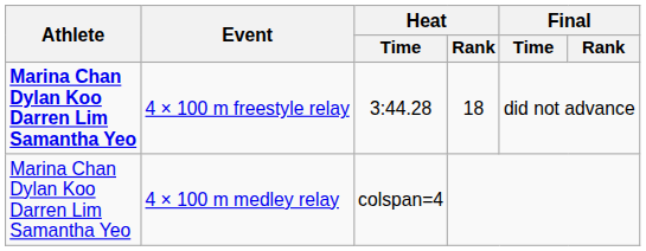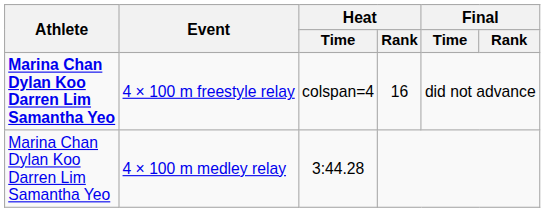 <table class=wikitable style="font-size:90%">
 <tr>
 <th rowspan=2>Athlete</th>
 <th rowspan=2>Event</th>
 <th colspan="2">Heat</th>
 <th colspan="2">Final</th>
 </tr>
 <tr style="font-size:95%">
 <th>Time</th>
 <th>Rank</th>
 <th>Time</th>
 <th>Rank</th>
 </tr>
 <tr align=center>
 <td align=left><strong><a href='#'>Marina Chan</a><br><a href='#'>Dylan Koo</a><br><a href='#'>Darren Lim</a><br><a href='#'>Samantha Yeo</a></strong></td>
 <td align=left><a href='#'>4 × 100 m freestyle relay</a></td>
-<td>3:44.28</td>
-<td>18</td>
+<td>colspan=4 </td>
+<td>16</td>
 <td colspan=2>did not advance</td>
 </tr>
 <tr align=center>
 <td align=left><a href='#'>Marina Chan</a><br><a href='#'>Dylan Koo</a><br><a href='#'>Darren Lim</a><br><a href='#'>Samantha Yeo</a></td>
 <td align=left><a href='#'>4 × 100 m medley relay</a></td>
-<td>colspan=4 </td>
+<td>3:44.28</td>
 </tr>
 </table>
